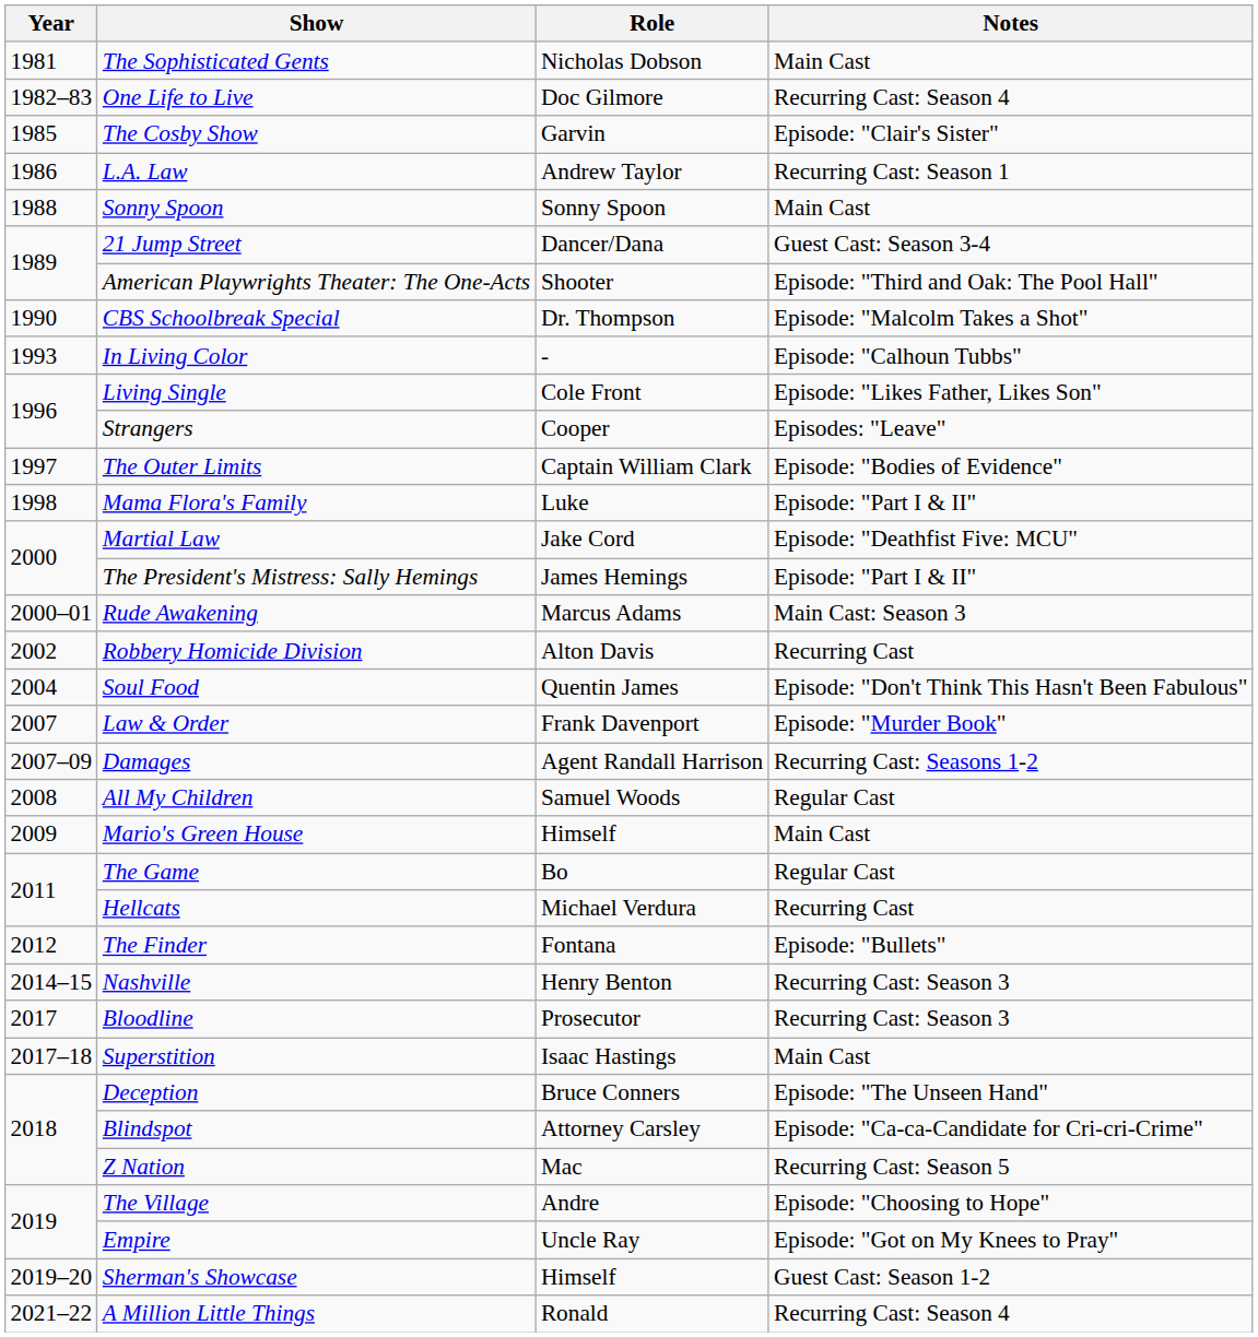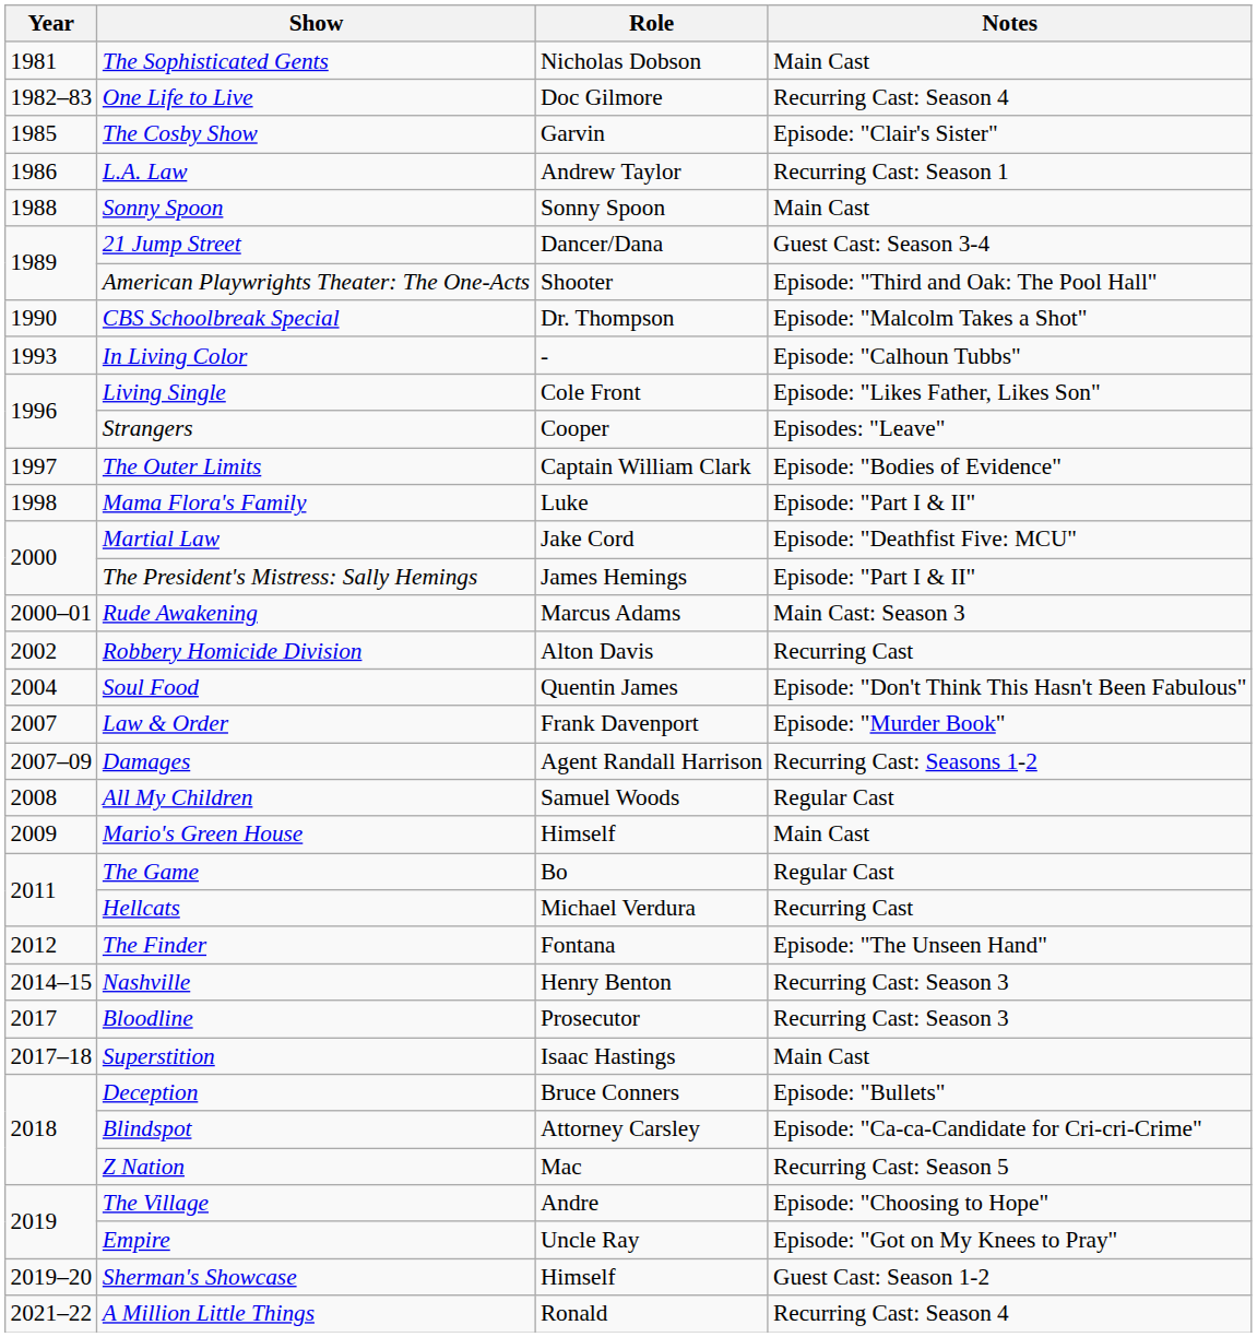 <table class="wikitable">
 <tr>
 <th>Year</th>
 <th>Show</th>
 <th>Role</th>
 <th>Notes</th>
 </tr>
 <tr>
 <td>1981</td>
 <td><em><a href='#'>The Sophisticated Gents</a></em></td>
 <td>Nicholas Dobson</td>
 <td>Main Cast</td>
 </tr>
 <tr>
 <td>1982–83</td>
 <td><em><a href='#'>One Life to Live</a></em></td>
 <td>Doc Gilmore</td>
 <td>Recurring Cast: Season 4</td>
 </tr>
 <tr>
 <td>1985</td>
 <td><em><a href='#'>The Cosby Show</a></em></td>
 <td>Garvin</td>
 <td>Episode: "Clair's Sister"</td>
 </tr>
 <tr>
 <td>1986</td>
 <td><em><a href='#'>L.A. Law</a></em></td>
 <td>Andrew Taylor</td>
 <td>Recurring Cast: Season 1</td>
 </tr>
 <tr>
 <td>1988</td>
 <td><em><a href='#'>Sonny Spoon</a></em></td>
 <td>Sonny Spoon</td>
 <td>Main Cast</td>
 </tr>
 <tr>
 <td rowspan=2>1989</td>
 <td><em><a href='#'>21 Jump Street</a></em></td>
 <td>Dancer/Dana</td>
 <td>Guest Cast: Season 3-4</td>
 </tr>
 <tr>
 <td><em>American Playwrights Theater: The One-Acts</em></td>
 <td>Shooter</td>
 <td>Episode: "Third and Oak: The Pool Hall"</td>
 </tr>
 <tr>
 <td>1990</td>
 <td><em><a href='#'>CBS Schoolbreak Special</a></em></td>
 <td>Dr. Thompson</td>
 <td>Episode: "Malcolm Takes a Shot"</td>
 </tr>
 <tr>
 <td>1993</td>
 <td><em><a href='#'>In Living Color</a></em></td>
 <td>-</td>
 <td>Episode: "Calhoun Tubbs"</td>
 </tr>
 <tr>
 <td rowspan=2>1996</td>
 <td><em><a href='#'>Living Single</a></em></td>
 <td>Cole Front</td>
 <td>Episode: "Likes Father, Likes Son"</td>
 </tr>
 <tr>
 <td><em>Strangers</em></td>
 <td>Cooper</td>
 <td>Episodes: "Leave"</td>
 </tr>
 <tr>
 <td>1997</td>
 <td><em><a href='#'>The Outer Limits</a></em></td>
 <td>Captain William Clark</td>
 <td>Episode: "Bodies of Evidence"</td>
 </tr>
 <tr>
 <td>1998</td>
 <td><em><a href='#'>Mama Flora's Family</a></em></td>
 <td>Luke</td>
 <td>Episode: "Part I & II"</td>
 </tr>
 <tr>
 <td rowspan=2>2000</td>
 <td><em><a href='#'>Martial Law</a></em></td>
 <td>Jake Cord</td>
 <td>Episode: "Deathfist Five: MCU"</td>
 </tr>
 <tr>
 <td><em>The President's Mistress: Sally Hemings</em></td>
 <td>James Hemings</td>
 <td>Episode: "Part I & II"</td>
 </tr>
 <tr>
 <td>2000–01</td>
 <td><em><a href='#'>Rude Awakening</a></em></td>
 <td>Marcus Adams</td>
 <td>Main Cast: Season 3</td>
 </tr>
 <tr>
 <td>2002</td>
 <td><em><a href='#'>Robbery Homicide Division</a></em></td>
 <td>Alton Davis</td>
 <td>Recurring Cast</td>
 </tr>
 <tr>
 <td>2004</td>
 <td><em><a href='#'>Soul Food</a></em></td>
 <td>Quentin James</td>
 <td>Episode: "Don't Think This Hasn't Been Fabulous"</td>
 </tr>
 <tr>
 <td>2007</td>
 <td><em><a href='#'>Law & Order</a></em></td>
 <td>Frank Davenport</td>
 <td>Episode: "<a href='#'>Murder Book</a>"</td>
 </tr>
 <tr>
 <td>2007–09</td>
 <td><em><a href='#'>Damages</a></em></td>
 <td>Agent Randall Harrison</td>
 <td>Recurring Cast: <a href='#'>Seasons 1</a>-<a href='#'>2</a></td>
 </tr>
 <tr>
 <td>2008</td>
 <td><em><a href='#'>All My Children</a></em></td>
 <td>Samuel Woods</td>
 <td>Regular Cast</td>
 </tr>
 <tr>
 <td>2009</td>
 <td><em><a href='#'>Mario's Green House</a></em></td>
 <td>Himself</td>
 <td>Main Cast</td>
 </tr>
 <tr>
 <td rowspan=2>2011</td>
 <td><em><a href='#'>The Game</a></em></td>
 <td>Bo</td>
 <td>Regular Cast</td>
 </tr>
 <tr>
 <td><em><a href='#'>Hellcats</a></em></td>
 <td>Michael Verdura</td>
 <td>Recurring Cast</td>
 </tr>
 <tr>
 <td>2012</td>
 <td><em><a href='#'>The Finder</a></em></td>
 <td>Fontana</td>
-<td>Episode: "Bullets"</td>
+<td>Episode: "The Unseen Hand"</td>
 </tr>
 <tr>
 <td>2014–15</td>
 <td><em><a href='#'>Nashville</a></em></td>
 <td>Henry Benton</td>
 <td>Recurring Cast: Season 3</td>
 </tr>
 <tr>
 <td>2017</td>
 <td><em><a href='#'>Bloodline</a></em></td>
 <td>Prosecutor</td>
 <td>Recurring Cast: Season 3</td>
 </tr>
 <tr>
 <td>2017–18</td>
 <td><em><a href='#'>Superstition</a></em></td>
 <td>Isaac Hastings</td>
 <td>Main Cast</td>
 </tr>
 <tr>
 <td rowspan=3>2018</td>
 <td><em><a href='#'>Deception</a></em></td>
 <td>Bruce Conners</td>
-<td>Episode: "The Unseen Hand"</td>
+<td>Episode: "Bullets"</td>
 </tr>
 <tr>
 <td><em><a href='#'>Blindspot</a></em></td>
 <td>Attorney Carsley</td>
 <td>Episode: "Ca-ca-Candidate for Cri-cri-Crime"</td>
 </tr>
 <tr>
 <td><em><a href='#'>Z Nation</a></em></td>
 <td>Mac</td>
 <td>Recurring Cast: Season 5</td>
 </tr>
 <tr>
 <td rowspan=2>2019</td>
 <td><em><a href='#'>The Village</a></em></td>
 <td>Andre</td>
 <td>Episode: "Choosing to Hope"</td>
 </tr>
 <tr>
 <td><em><a href='#'>Empire</a></em></td>
 <td>Uncle Ray</td>
 <td>Episode: "Got on My Knees to Pray"</td>
 </tr>
 <tr>
 <td>2019–20</td>
 <td><em><a href='#'>Sherman's Showcase</a></em></td>
 <td>Himself</td>
 <td>Guest Cast: Season 1-2</td>
 </tr>
 <tr>
 <td>2021–22</td>
 <td><em><a href='#'>A Million Little Things</a></em></td>
 <td>Ronald</td>
 <td>Recurring Cast: Season 4</td>
 </tr>
 </table>
